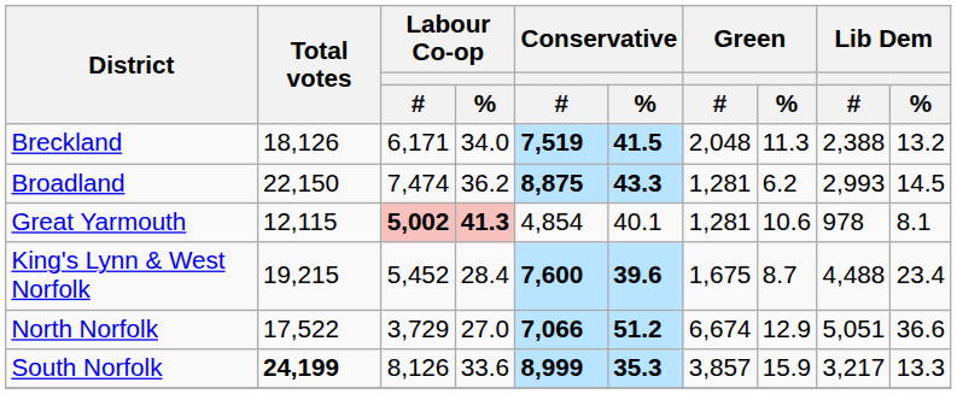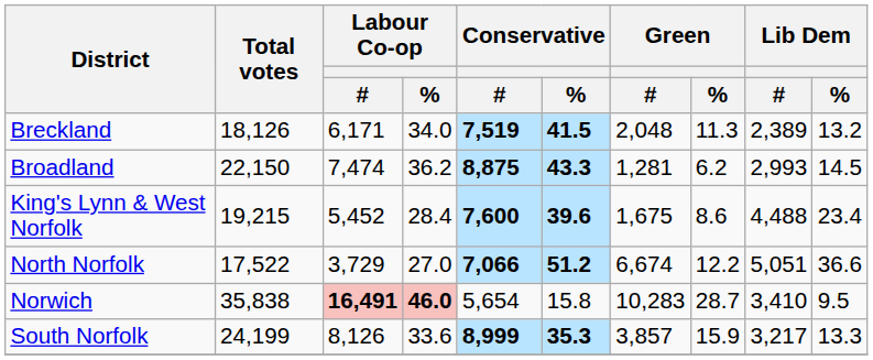 <table class="wikitable sortable">
 <tr>
 <th rowspan=3>District</th>
 <th rowspan=3>Total votes</th>
 <th colspan="2">Labour<br>Co-op</th>
 <th colspan="2">Conservative</th>
 <th colspan="2">Green</th>
 <th colspan="2">Lib Dem</th>
 </tr>
 <tr>
 <th colspan="2" style="background:"></th>
 <th colspan="2" style="background:"></th>
 <th colspan="2" style="background:"></th>
 <th colspan="2" style="background:"></th>
 </tr>
 <tr>
 <th>#</th>
 <th>%</th>
 <th>#</th>
 <th>%</th>
 <th>#</th>
 <th>%</th>
 <th>#</th>
 <th>%</th>
 </tr>
 <tr>
 <td><a href='#'>Breckland</a></td>
 <td>18,126</td>
 <td>6,171</td>
 <td>34.0</td>
 <td style="background:#B9E4FF;"><strong>7,519</strong></td>
 <td style="background:#B9E4FF;"><strong>41.5</strong></td>
 <td>2,048</td>
 <td>11.3</td>
-<td>2,388</td>
+<td>2,389</td>
 <td>13.2</td>
 </tr>
 <tr>
 <td><a href='#'>Broadland</a></td>
 <td>22,150</td>
 <td>7,474</td>
 <td>36.2</td>
 <td style="background:#B9E4FF;"><strong>8,875</strong></td>
 <td style="background:#B9E4FF;"><strong>43.3</strong></td>
 <td>1,281</td>
 <td>6.2</td>
 <td>2,993</td>
 <td>14.5</td>
 </tr>
 <tr>
-<td><a href='#'>Great Yarmouth</a></td>
-<td>12,115</td>
-<td style="background:#F8C1BE;"><strong>5,002</strong></td>
-<td style="background:#F8C1BE;"><strong>41.3</strong></td>
-<td>4,854</td>
-<td>40.1</td>
-<td>1,281</td>
-<td>10.6</td>
-<td>978</td>
-<td>8.1</td>
-</tr>
-<tr>
 <td><a href='#'>King's Lynn & West Norfolk</a></td>
 <td>19,215</td>
 <td>5,452</td>
 <td>28.4</td>
 <td style="background:#B9E4FF;"><strong>7,600</strong></td>
 <td style="background:#B9E4FF;"><strong>39.6</strong></td>
 <td>1,675</td>
-<td>8.7</td>
+<td>8.6</td>
 <td>4,488</td>
 <td>23.4</td>
 </tr>
 <tr>
 <td><a href='#'>North Norfolk</a></td>
 <td>17,522</td>
 <td>3,729</td>
 <td>27.0</td>
 <td style="background:#B9E4FF;"><strong>7,066</strong></td>
 <td style="background:#B9E4FF;"><strong>51.2</strong></td>
 <td>6,674</td>
-<td>12.9</td>
+<td>12.2</td>
 <td>5,051</td>
 <td>36.6</td>
 </tr>
 <tr>
+<td><a href='#'>Norwich</a></td>
+<td>35,838</td>
+<td style="background:#F8C1BE;"><strong>16,491</strong></td>
+<td style="background:#F8C1BE;"><strong>46.0</strong></td>
+<td>5,654</td>
+<td>15.8</td>
+<td>10,283</td>
+<td>28.7</td>
+<td>3,410</td>
+<td>9.5</td>
+</tr>
+<tr>
 <td><a href='#'>South Norfolk</a></td>
-<td><strong>24,199</strong></td>
+<td>24,199</td>
 <td>8,126</td>
 <td>33.6</td>
 <td style="background:#B9E4FF;"><strong>8,999</strong></td>
 <td style="background:#B9E4FF;"><strong>35.3</strong></td>
 <td>3,857</td>
 <td>15.9</td>
 <td>3,217</td>
 <td>13.3</td>
 </tr>
 <tr>
 </tr>
 </table>
